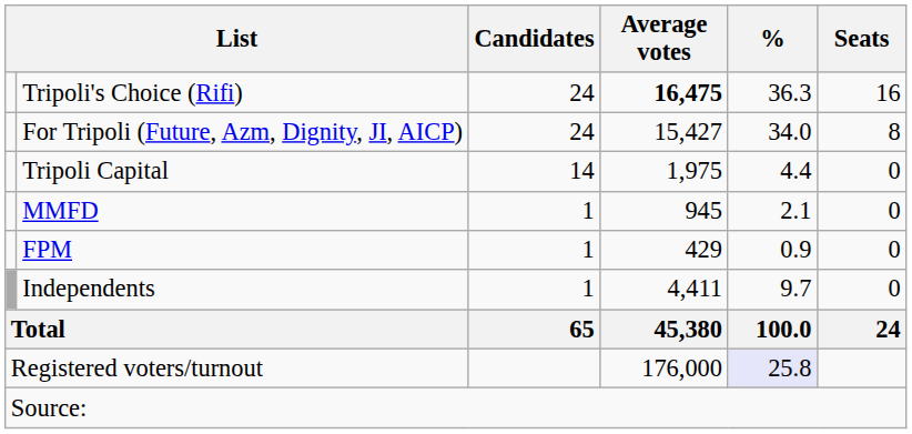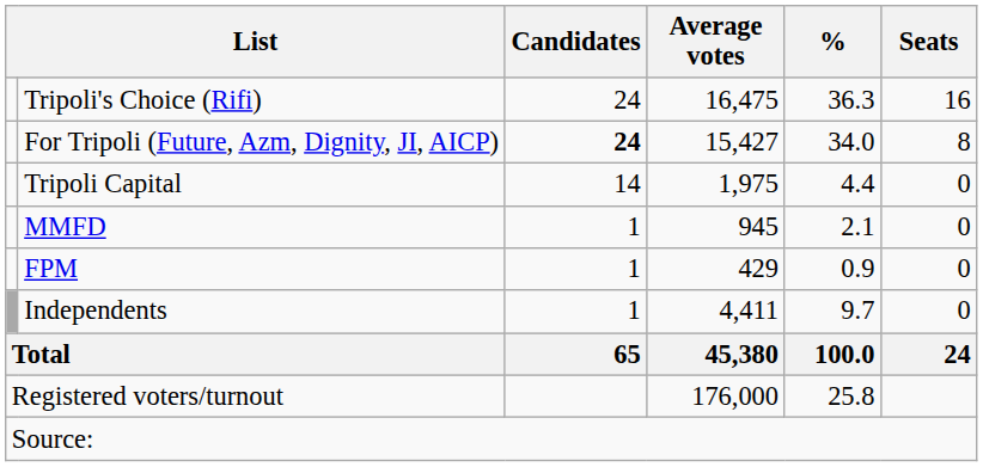 <table class="wikitable sortable" style="text-align:right">
 <tr>
 <th colspan="2" scope="col">List</th>
 <th>Candidates</th>
 <th scope="col">Average votes</th>
 <th scope="col">%</th>
 <th scope="col">Seats</th>
 </tr>
 <tr>
 <td rowspan="1" style="background-color:"></td>
 <td style="text-align:left;">Tripoli's Choice (<a href='#'>Rifi</a>)</td>
 <td>24</td>
-<td><strong>16,475</strong></td>
+<td>16,475</td>
 <td>36.3</td>
 <td>16</td>
 </tr>
 <tr>
 <td rowspan="1" style="background-color:"></td>
 <td style="text-align:left;">For Tripoli (<a href='#'>Future</a>, <a href='#'>Azm</a>, <a href='#'>Dignity</a>, <a href='#'>JI</a>, <a href='#'>AICP</a>)</td>
-<td>24</td>
+<td><strong>24</strong></td>
 <td>15,427</td>
 <td>34.0</td>
 <td>8</td>
 </tr>
 <tr>
 <td rowspan="1" style="background-color:"></td>
 <td style="text-align:left;">Tripoli Capital</td>
 <td>14</td>
 <td>1,975</td>
 <td>4.4</td>
 <td>0</td>
 </tr>
 <tr>
 <td rowspan="1" style="background-color:"></td>
 <td style="text-align:left;"><a href='#'>MMFD</a></td>
 <td>1</td>
 <td>945</td>
 <td>2.1</td>
 <td>0</td>
 </tr>
 <tr>
 <td rowspan="1" style="background-color:"></td>
 <td style="text-align:left;"><a href='#'>FPM</a></td>
 <td>1</td>
 <td>429</td>
 <td>0.9</td>
 <td>0</td>
 </tr>
 <tr>
 <td rowspan="1" style="background-color:darkgrey"></td>
 <td style="text-align:left;">Independents</td>
 <td>1</td>
 <td>4,411</td>
 <td>9.7</td>
 <td>0</td>
 </tr>
 <tr>
 <th colspan="2" style="text-align:left;width:200px">Total</th>
 <th style="text-align:right;width:50px">65</th>
 <th style="text-align:right;width:75px">45,380</th>
 <th style="text-align:right;width:50px">100.0</th>
 <th style="text-align:right;width:50px">24</th>
 </tr>
 <tr>
 <td colspan="2" style="text-align:left;width:200px">Registered voters/turnout</td>
 <td></td>
 <td style="text-align:right;width:75px">176,000</td>
-<td style="background: lavender; text-align:right;width:50px">25.8</td>
+<td style="text-align:right;width:50px">25.8</td>
 <td style="text-align:right;width:50px"></td>
 </tr>
 <tr>
 <td colspan="6" style="text-align:left;">Source: </td>
 </tr>
 </table>
